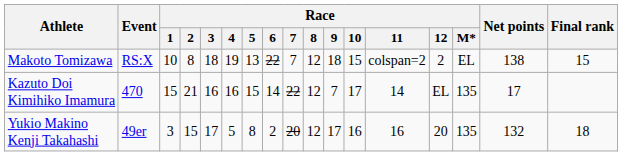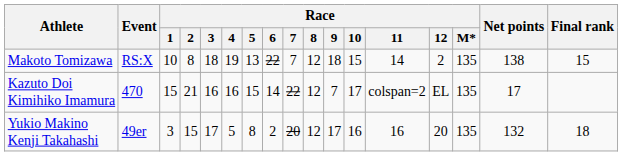 <table class="wikitable" style="font-size:90%">
 <tr>
 <th rowspan="2">Athlete</th>
 <th rowspan="2">Event</th>
 <th colspan=13>Race</th>
 <th rowspan=2>Net points</th>
 <th rowspan=2>Final rank</th>
 </tr>
 <tr style="font-size:95%">
 <th>1</th>
 <th>2</th>
 <th>3</th>
 <th>4</th>
 <th>5</th>
 <th>6</th>
 <th>7</th>
 <th>8</th>
 <th>9</th>
 <th>10</th>
 <th>11</th>
 <th>12</th>
 <th>M*</th>
 </tr>
 <tr align=center>
 <td align=left><a href='#'>Makoto Tomizawa</a></td>
 <td align=left><a href='#'>RS:X</a></td>
 <td>10</td>
 <td>8</td>
 <td>18</td>
 <td>19</td>
 <td>13</td>
 <td><s>22</s></td>
 <td>7</td>
 <td>12</td>
 <td>18</td>
 <td>15</td>
-<td>colspan=2 </td>
+<td>14</td>
 <td>2</td>
-<td>EL</td>
+<td>135</td>
 <td>138</td>
 <td>15</td>
 </tr>
 <tr align=center>
 <td align=left><a href='#'>Kazuto Doi</a><br><a href='#'>Kimihiko Imamura</a></td>
 <td align=left><a href='#'>470</a></td>
 <td>15</td>
 <td>21</td>
 <td>16</td>
 <td>16</td>
 <td>15</td>
 <td>14</td>
 <td><s>22</s></td>
 <td>12</td>
 <td>7</td>
 <td>17</td>
-<td>14</td>
+<td>colspan=2 </td>
 <td>EL</td>
 <td>135</td>
 <td>17</td>
 </tr>
 <tr align=center>
 <td align=left><a href='#'>Yukio Makino</a><br><a href='#'>Kenji Takahashi</a></td>
 <td align=left><a href='#'>49er</a></td>
 <td>3</td>
 <td>15</td>
 <td>17</td>
 <td>5</td>
 <td>8</td>
 <td>2</td>
 <td><s>20</s></td>
 <td>12</td>
 <td>17</td>
 <td>16</td>
 <td>16</td>
 <td>20</td>
 <td>135</td>
 <td>132</td>
 <td>18</td>
 </tr>
 </table>
